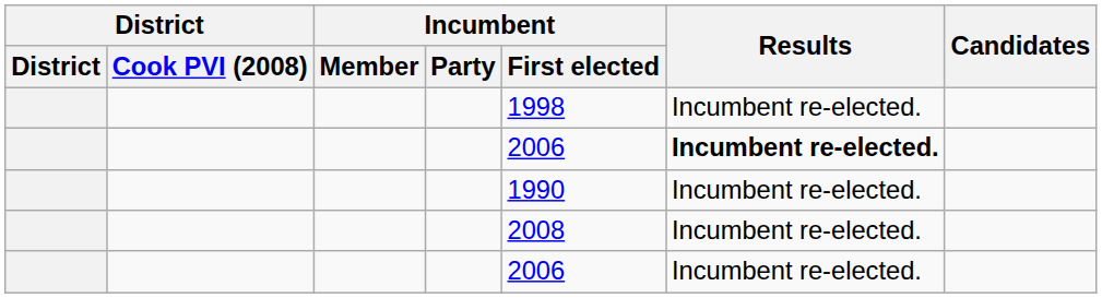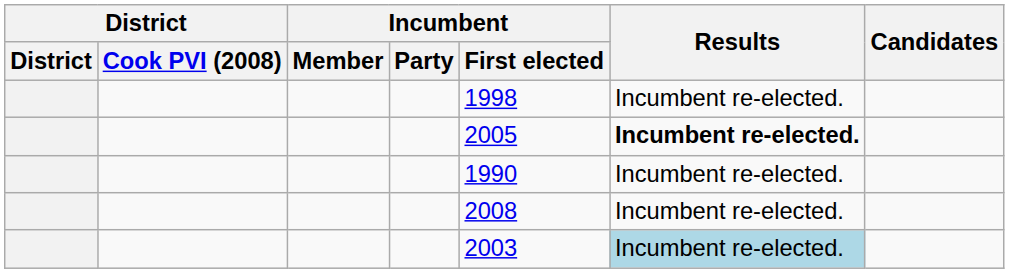 <table class="wikitable sortable">
 <tr>
 <th colspan=2>District</th>
 <th colspan=3>Incumbent</th>
 <th rowspan=2>Results</th>
 <th rowspan=2>Candidates</th>
 </tr>
 <tr valign=bottom>
 <th>District</th>
 <th><a href='#'>Cook PVI</a> (2008)</th>
 <th>Member</th>
 <th>Party</th>
 <th>First elected</th>
 </tr>
 <tr>
 <th></th>
 <td></td>
 <td></td>
 <td></td>
 <td><a href='#'>1998</a></td>
 <td>Incumbent re-elected.</td>
 <td nowrap></td>
 </tr>
 <tr>
 <th></th>
 <td></td>
 <td></td>
 <td></td>
-<td><a href='#'>2006</a></td>
+<td><a href='#'>2005</a></td>
 <td><strong>Incumbent re-elected.</strong></td>
 <td nowrap></td>
 </tr>
 <tr>
 <th></th>
 <td></td>
 <td></td>
 <td></td>
 <td><a href='#'>1990</a></td>
 <td>Incumbent re-elected.</td>
 <td nowrap></td>
 </tr>
 <tr>
 <th></th>
 <td></td>
 <td></td>
 <td></td>
 <td><a href='#'>2008</a></td>
 <td>Incumbent re-elected.</td>
 <td nowrap></td>
 </tr>
 <tr>
 <th></th>
 <td></td>
 <td></td>
 <td></td>
-<td><a href='#'>2006</a></td>
-<td>Incumbent re-elected.</td>
+<td><a href='#'>2003</a></td>
+<td style="background: lightblue;">Incumbent re-elected.</td>
 <td nowrap></td>
 </tr>
 </table>
